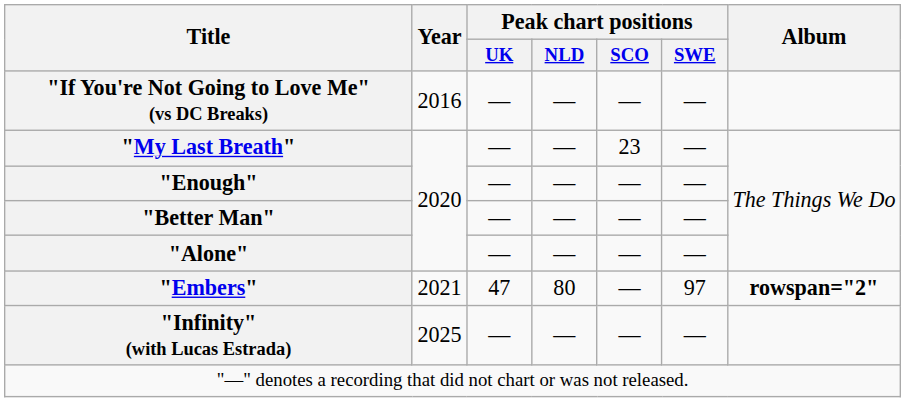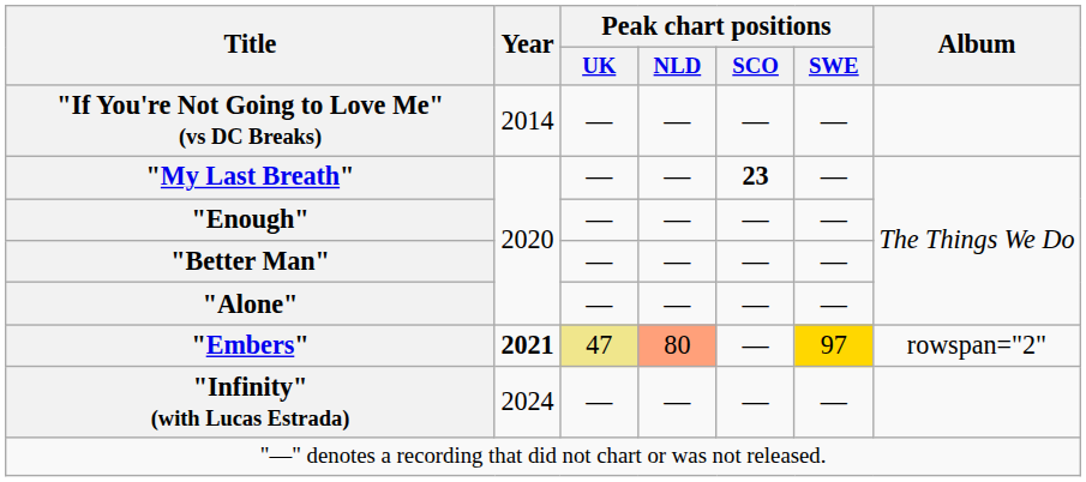 <table class="wikitable plainrowheaders" style="text-align:center;">
 <tr>
 <th scope="col" rowspan="2" style="width:18em;">Title</th>
 <th scope="col" rowspan="2" style="width:1em;">Year</th>
 <th colspan="4" scope="col">Peak chart positions</th>
 <th scope="col" rowspan="2">Album</th>
 </tr>
 <tr>
 <th scope="col" style="width:3em;font-size:85%;"><a href='#'>UK</a><br></th>
 <th scope="col" style="width:3em;font-size:85%;"><a href='#'>NLD</a><br></th>
 <th scope="col" style="width:3em;font-size:85%;"><a href='#'>SCO</a><br></th>
 <th scope="col" style="width:3em;font-size:85%;"><a href='#'>SWE</a><br></th>
 </tr>
 <tr>
 <th scope="row">"If You're Not Going to Love Me"<br><small>(vs DC Breaks)</small></th>
-<td>2016</td>
+<td>2014</td>
 <td>—</td>
 <td>—</td>
 <td>—</td>
 <td>—</td>
 <td></td>
 </tr>
 <tr>
 <th scope="row">"<a href='#'>My Last Breath</a>"</th>
 <td rowspan="4">2020</td>
 <td>—</td>
 <td>—</td>
-<td>23</td>
+<td><strong>23</strong></td>
 <td>—</td>
 <td rowspan="4"><em>The Things We Do</em></td>
 </tr>
 <tr>
 <th scope="row">"Enough"</th>
 <td>—</td>
 <td>—</td>
 <td>—</td>
 <td>—</td>
 </tr>
 <tr>
 <th scope="row">"Better Man"</th>
 <td>—</td>
 <td>—</td>
 <td>—</td>
 <td>—</td>
 </tr>
 <tr>
 <th scope="row">"Alone"</th>
 <td>—</td>
 <td>—</td>
 <td>—</td>
 <td>—</td>
 </tr>
 <tr>
 <th scope="row">"<a href='#'>Embers</a>"</th>
-<td>2021</td>
-<td>47</td>
-<td>80</td>
+<td><strong>2021</strong></td>
+<td style="background: khaki;">47</td>
+<td style="background: lightsalmon;">80</td>
 <td>—</td>
-<td>97</td>
-<td><strong>rowspan="2" </strong></td>
+<td style="background: gold;">97</td>
+<td>rowspan="2" </td>
 </tr>
 <tr>
 <th scope="row">"Infinity"<br><small>(with Lucas Estrada)</small></th>
-<td>2025</td>
+<td>2024</td>
 <td>—</td>
 <td>—</td>
 <td>—</td>
 <td>—</td>
 </tr>
 <tr>
 <td colspan="25" style="font-size:85%;">"—" denotes a recording that did not chart or was not released.</td>
 </tr>
 </table>
